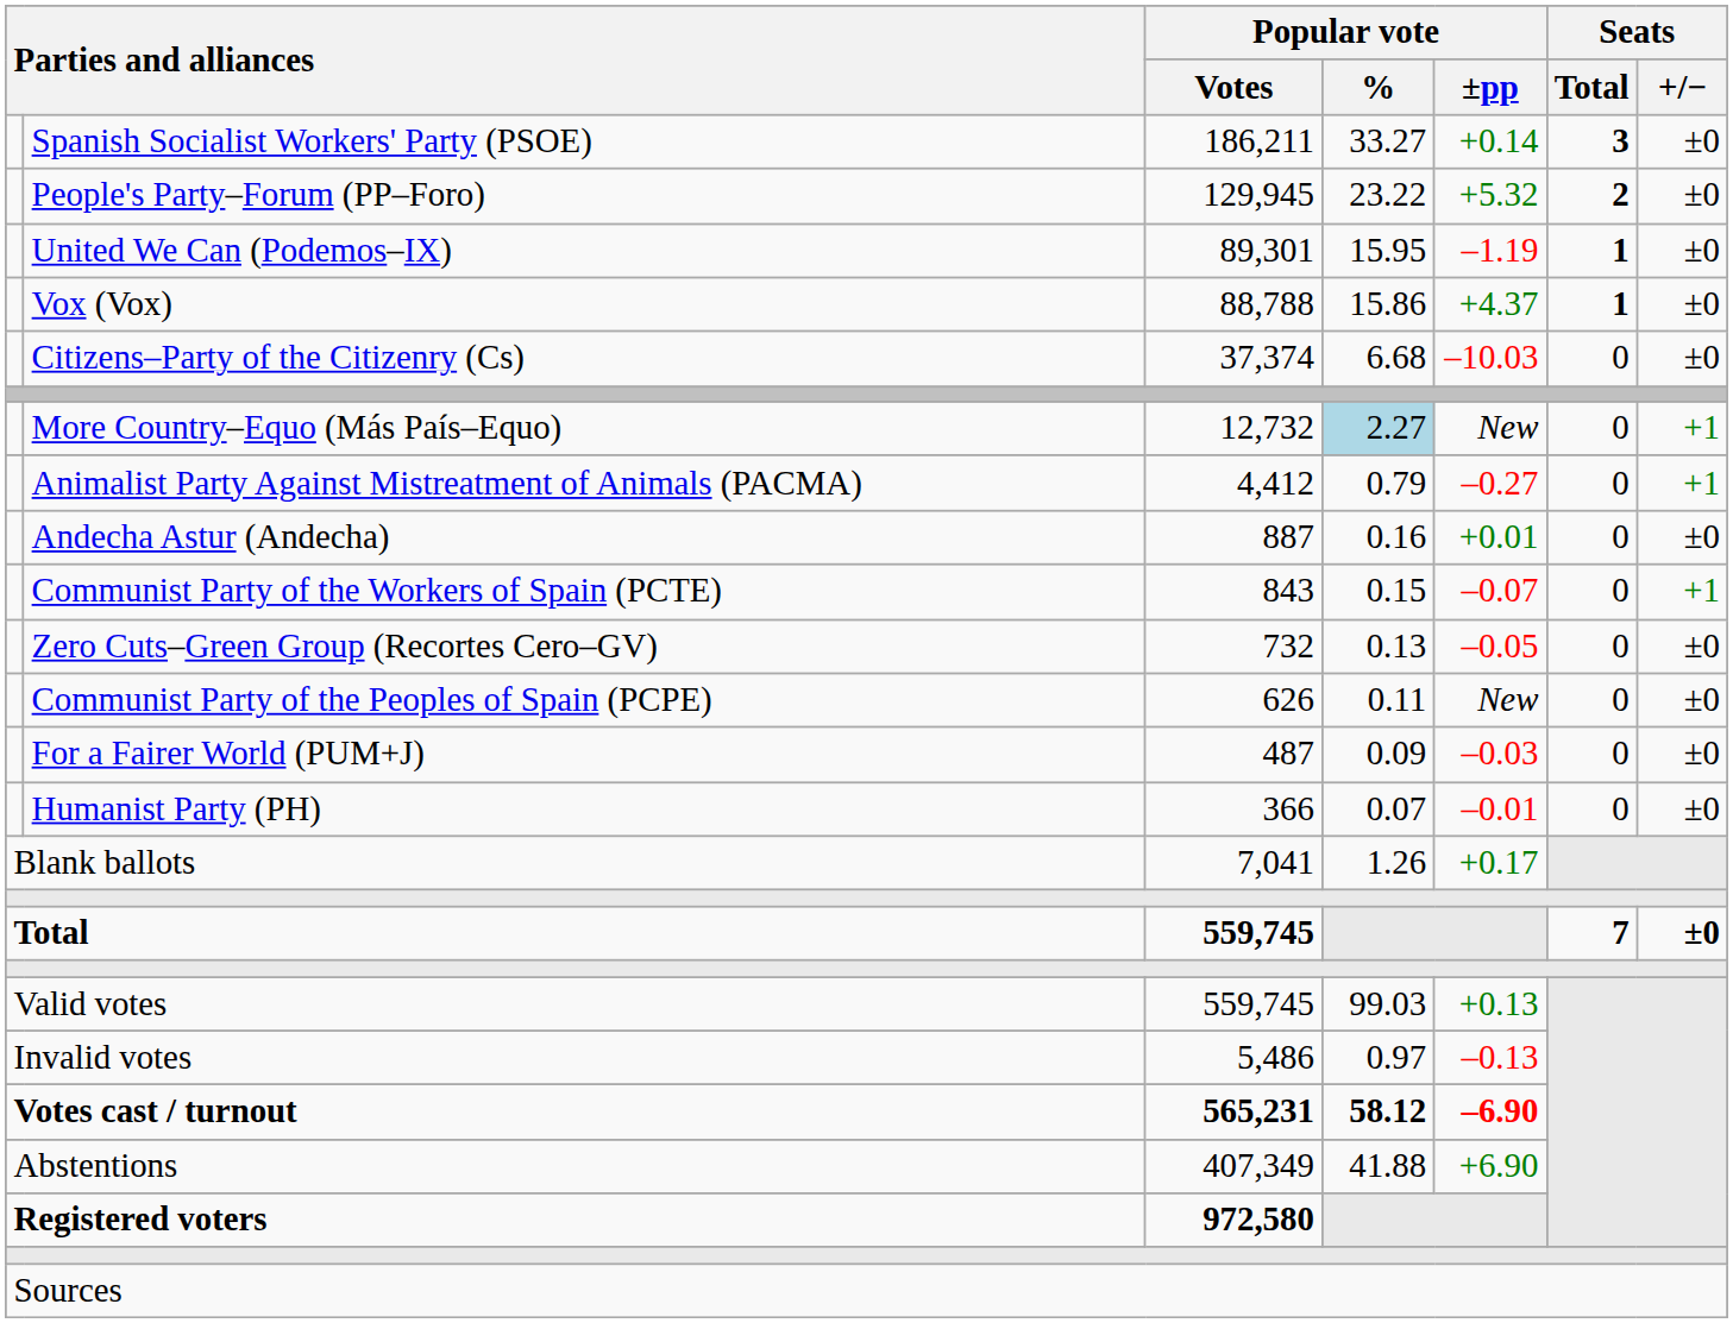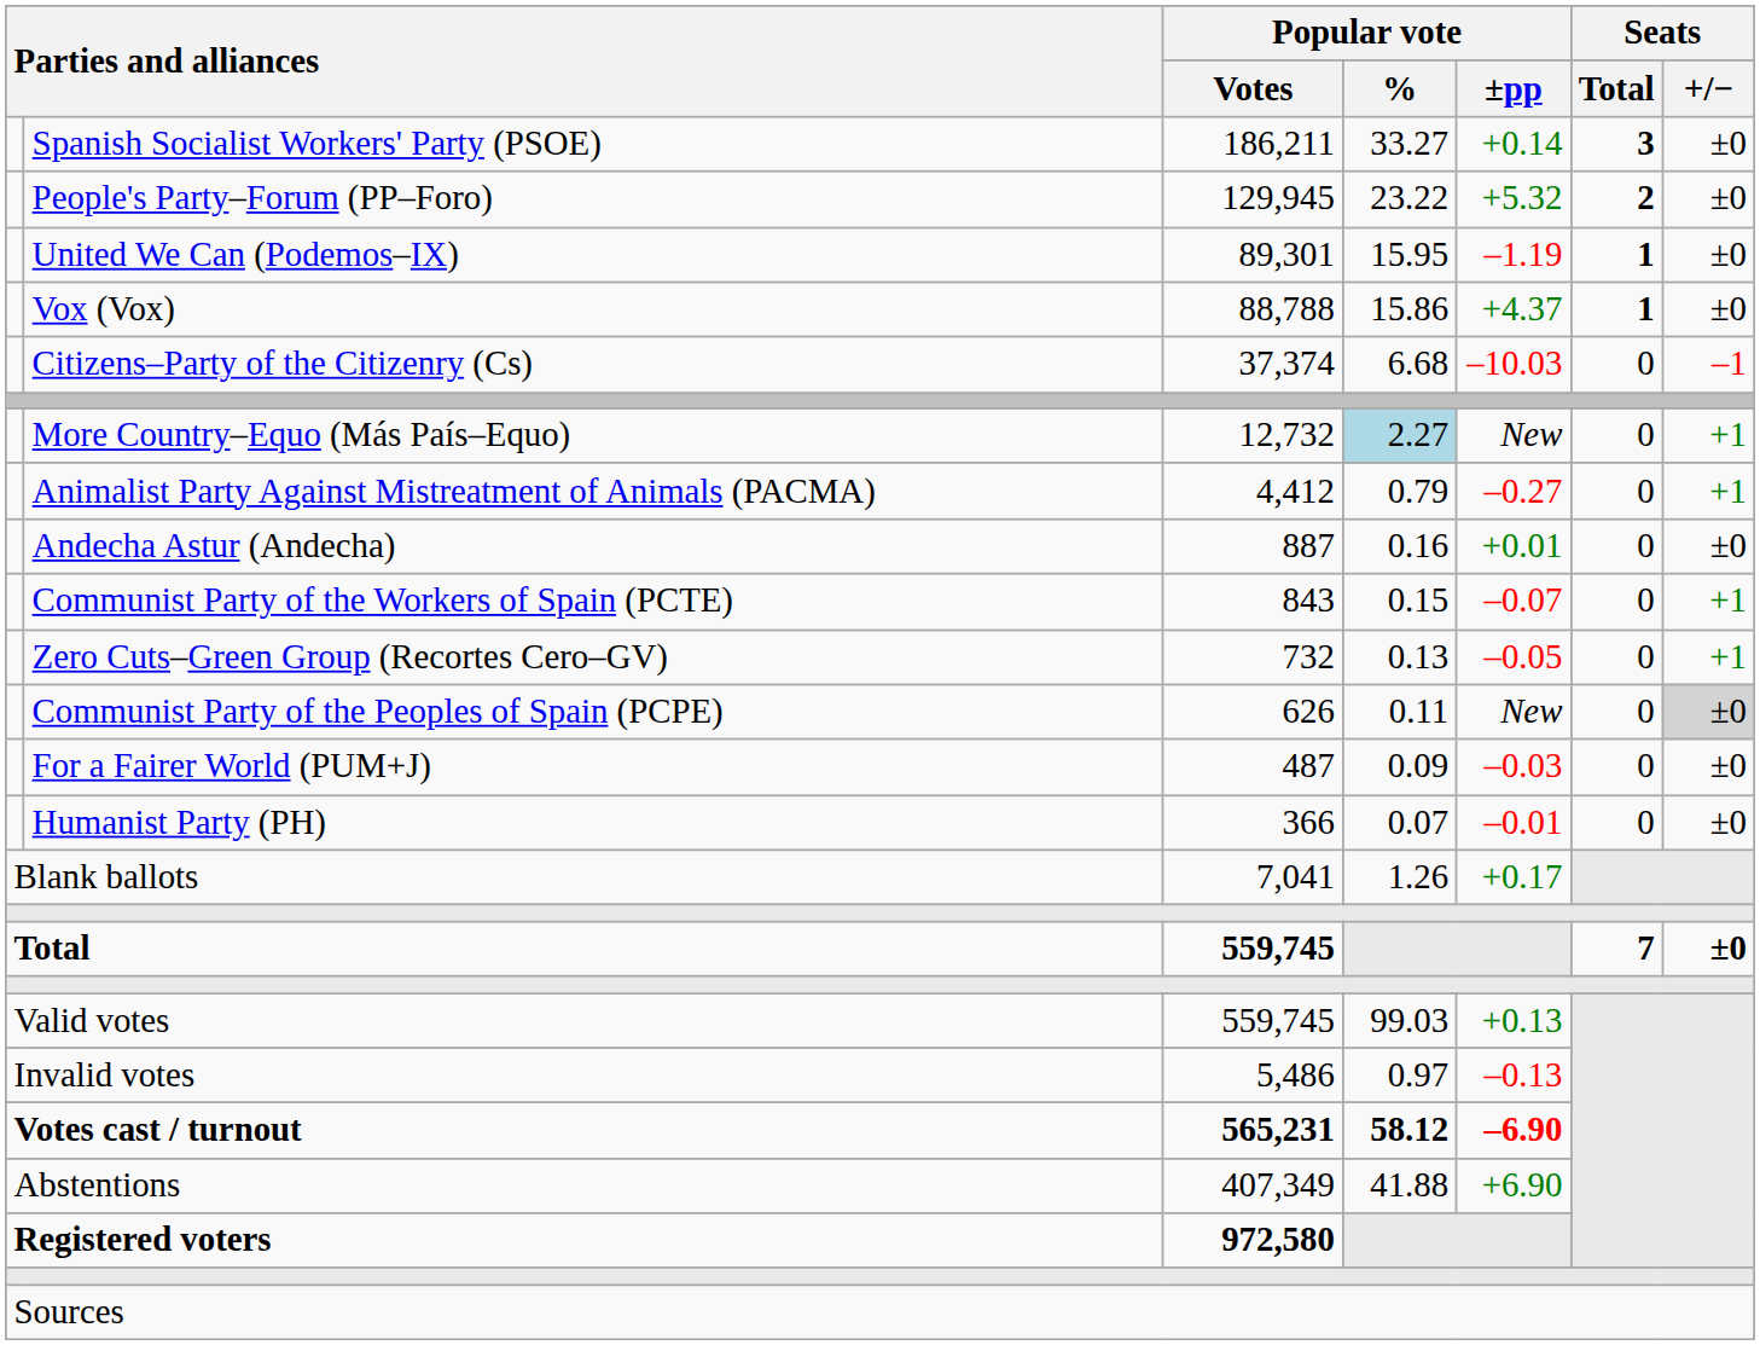 <table class="wikitable" style="text-align:right;">
 <tr>
 <th style="text-align:left;" rowspan="2" colspan="2" width="525">Parties and alliances</th>
 <th colspan="3">Popular vote</th>
 <th colspan="2">Seats</th>
 </tr>
 <tr>
 <th width="75">Votes</th>
 <th width="45">%</th>
 <th width="45">±<a href='#'>pp</a></th>
 <th width="35">Total</th>
 <th width="35">+/−</th>
 </tr>
 <tr>
 <td width="1" style="color:inherit;background:"></td>
 <td align="left"><a href='#'>Spanish Socialist Workers' Party</a> (PSOE)</td>
 <td>186,211</td>
 <td>33.27</td>
 <td style="color:green;">+0.14</td>
 <td><strong>3</strong></td>
 <td>±0</td>
 </tr>
 <tr>
 <td style="color:inherit;background:"></td>
 <td align="left"><a href='#'>People's Party</a>–<a href='#'>Forum</a> (PP–Foro)</td>
 <td>129,945</td>
 <td>23.22</td>
 <td style="color:green;">+5.32</td>
 <td><strong>2</strong></td>
 <td>±0</td>
 </tr>
 <tr>
 <td style="color:inherit;background:"></td>
 <td align="left"><a href='#'>United We Can</a> (<a href='#'>Podemos</a>–<a href='#'>IX</a>)</td>
 <td>89,301</td>
 <td>15.95</td>
 <td style="color:red;">–1.19</td>
 <td><strong>1</strong></td>
 <td>±0</td>
 </tr>
 <tr>
 <td style="color:inherit;background:"></td>
 <td align="left"><a href='#'>Vox</a> (Vox)</td>
 <td>88,788</td>
 <td>15.86</td>
 <td style="color:green;">+4.37</td>
 <td><strong>1</strong></td>
 <td>±0</td>
 </tr>
 <tr>
 <td style="color:inherit;background:"></td>
 <td align="left"><a href='#'>Citizens–Party of the Citizenry</a> (Cs)</td>
 <td>37,374</td>
 <td>6.68</td>
 <td style="color:red;">–10.03</td>
 <td>0</td>
-<td>±0</td>
+<td style="color:red;">–1</td>
 </tr>
 <tr>
 <td colspan="7" bgcolor="#C0C0C0"></td>
 </tr>
 <tr>
 <td style="color:inherit;background:"></td>
 <td align="left"><a href='#'>More Country</a>–<a href='#'>Equo</a> (Más País–Equo)</td>
 <td>12,732</td>
 <td style="background: lightblue;">2.27</td>
 <td><em>New</em></td>
 <td>0</td>
 <td style="color:green;">+1</td>
 </tr>
 <tr>
 <td style="color:inherit;background:"></td>
 <td align="left"><a href='#'>Animalist Party Against Mistreatment of Animals</a> (PACMA)</td>
 <td>4,412</td>
 <td>0.79</td>
 <td style="color:red;">–0.27</td>
 <td>0</td>
 <td style="color:green;">+1</td>
 </tr>
 <tr>
 <td style="color:inherit;background:"></td>
 <td align="left"><a href='#'>Andecha Astur</a> (Andecha)</td>
 <td>887</td>
 <td>0.16</td>
 <td style="color:green;">+0.01</td>
 <td>0</td>
 <td>±0</td>
 </tr>
 <tr>
 <td style="color:inherit;background:"></td>
 <td align="left"><a href='#'>Communist Party of the Workers of Spain</a> (PCTE)</td>
 <td>843</td>
 <td>0.15</td>
 <td style="color:red;">–0.07</td>
 <td>0</td>
 <td style="color:green;">+1</td>
 </tr>
 <tr>
 <td style="color:inherit;background:"></td>
 <td align="left"><a href='#'>Zero Cuts</a>–<a href='#'>Green Group</a> (Recortes Cero–GV)</td>
 <td>732</td>
 <td>0.13</td>
 <td style="color:red;">–0.05</td>
 <td>0</td>
-<td>±0</td>
+<td style="color:green;">+1</td>
 </tr>
 <tr>
 <td style="color:inherit;background:"></td>
 <td align="left"><a href='#'>Communist Party of the Peoples of Spain</a> (PCPE)</td>
 <td>626</td>
 <td>0.11</td>
 <td><em>New</em></td>
 <td>0</td>
-<td>±0</td>
+<td style="background: lightgrey;">±0</td>
 </tr>
 <tr>
 <td style="color:inherit;background:"></td>
 <td align="left"><a href='#'>For a Fairer World</a> (PUM+J)</td>
 <td>487</td>
 <td>0.09</td>
 <td style="color:red;">–0.03</td>
 <td>0</td>
 <td>±0</td>
 </tr>
 <tr>
 <td style="color:inherit;background:"></td>
 <td align="left"><a href='#'>Humanist Party</a> (PH)</td>
 <td>366</td>
 <td>0.07</td>
 <td style="color:red;">–0.01</td>
 <td>0</td>
 <td>±0</td>
 </tr>
 <tr>
 <td align="left" colspan="2">Blank ballots</td>
 <td>7,041</td>
 <td>1.26</td>
 <td style="color:green;">+0.17</td>
 <td bgcolor="#E9E9E9" colspan="2"></td>
 </tr>
 <tr>
 <td colspan="7" bgcolor="#E9E9E9"></td>
 </tr>
 <tr style="font-weight:bold;">
 <td align="left" colspan="2">Total</td>
 <td>559,745</td>
 <td bgcolor="#E9E9E9" colspan="2"></td>
 <td>7</td>
 <td>±0</td>
 </tr>
 <tr>
 <td colspan="7" bgcolor="#E9E9E9"></td>
 </tr>
 <tr>
 <td align="left" colspan="2">Valid votes</td>
 <td>559,745</td>
 <td>99.03</td>
 <td style="color:green;">+0.13</td>
 <td bgcolor="#E9E9E9" colspan="2" rowspan="5"></td>
 </tr>
 <tr>
 <td align="left" colspan="2">Invalid votes</td>
 <td>5,486</td>
 <td>0.97</td>
 <td style="color:red;">–0.13</td>
 </tr>
 <tr style="font-weight:bold;">
 <td align="left" colspan="2">Votes cast / turnout</td>
 <td>565,231</td>
 <td>58.12</td>
 <td style="color:red;">–6.90</td>
 </tr>
 <tr>
 <td align="left" colspan="2">Abstentions</td>
 <td>407,349</td>
 <td>41.88</td>
 <td style="color:green;">+6.90</td>
 </tr>
 <tr style="font-weight:bold;">
 <td align="left" colspan="2">Registered voters</td>
 <td>972,580</td>
 <td bgcolor="#E9E9E9" colspan="2"></td>
 </tr>
 <tr>
 <td colspan="7" bgcolor="#E9E9E9"></td>
 </tr>
 <tr>
 <td align="left" colspan="7">Sources</td>
 </tr>
 </table>
